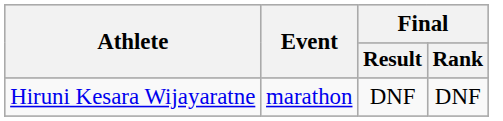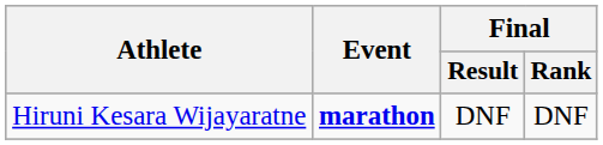 <table class="wikitable" style="font-size:90%">
 <tr>
 <th rowspan="2">Athlete</th>
 <th rowspan="2">Event</th>
 <th colspan="2">Final</th>
 </tr>
 <tr style="font-size:95%">
 <th>Result</th>
 <th>Rank</th>
 </tr>
 <tr style="text-align:center">
 <td style="text-align:left"><a href='#'>Hiruni Kesara Wijayaratne</a></td>
-<td style="text-align:left"><a href='#'>marathon</a></td>
+<td style="text-align:left"><strong><a href='#'>marathon</a></strong></td>
 <td>DNF</td>
 <td>DNF</td>
 </tr>
 </table>
